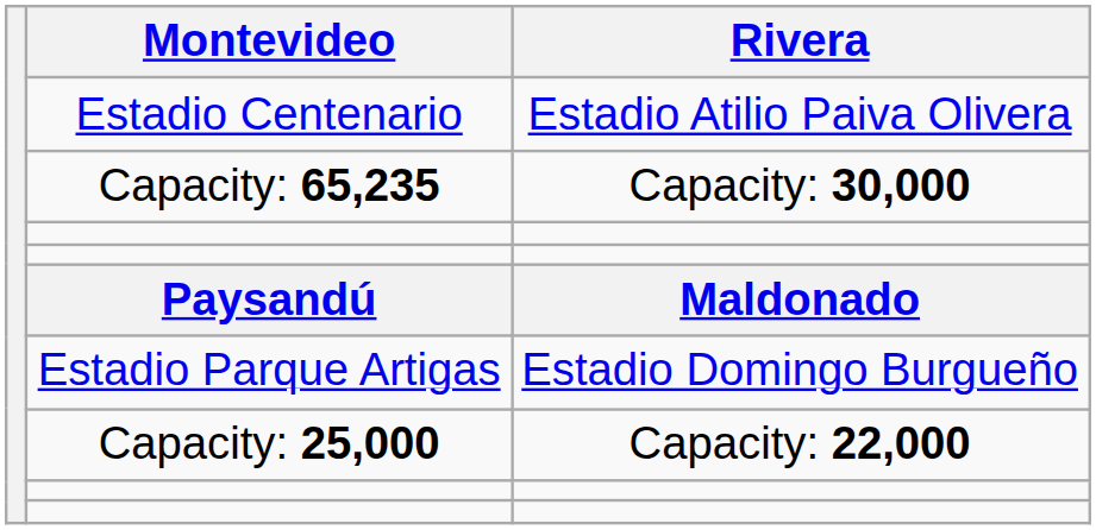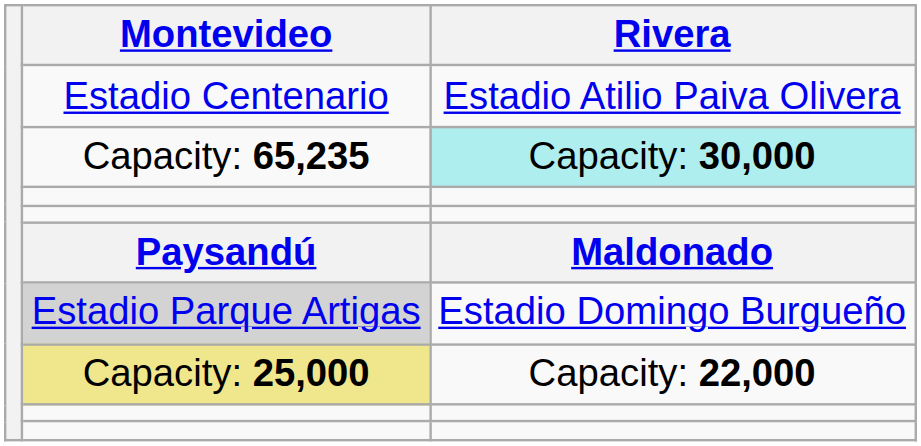 <table class="wikitable" style="text-align:center">
 <tr>
 <th rowspan="10"></th>
 <th><a href='#'>Montevideo</a></th>
 <th><a href='#'>Rivera</a></th>
 </tr>
 <tr>
 <td><a href='#'>Estadio Centenario</a></td>
 <td><a href='#'>Estadio Atilio Paiva Olivera</a></td>
 </tr>
 <tr>
 <td>Capacity: <strong>65,235</strong></td>
-<td>Capacity: <strong>30,000</strong></td>
+<td style="background: paleturquoise;">Capacity: <strong>30,000</strong></td>
 </tr>
 <tr>
 <td></td>
 <td></td>
 </tr>
 <tr>
 <td></td>
 <td></td>
 </tr>
 <tr>
 <th><a href='#'>Paysandú</a></th>
 <th><a href='#'>Maldonado</a></th>
 </tr>
 <tr>
-<td><a href='#'>Estadio Parque Artigas</a></td>
+<td style="background: lightgrey;"><a href='#'>Estadio Parque Artigas</a></td>
 <td><a href='#'>Estadio Domingo Burgueño</a></td>
 </tr>
 <tr>
-<td>Capacity: <strong>25,000</strong></td>
+<td style="background: khaki;">Capacity: <strong>25,000</strong></td>
 <td>Capacity: <strong>22,000</strong></td>
 </tr>
 <tr>
 <td></td>
 <td></td>
 </tr>
 <tr>
 <td></td>
 <td></td>
 </tr>
 </table>
